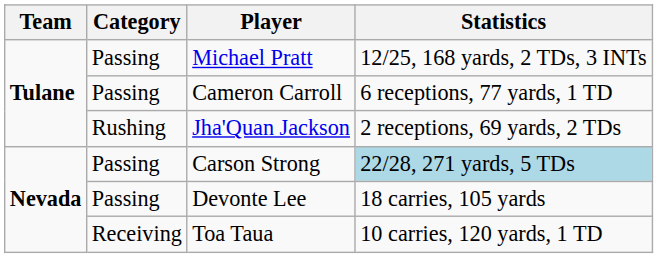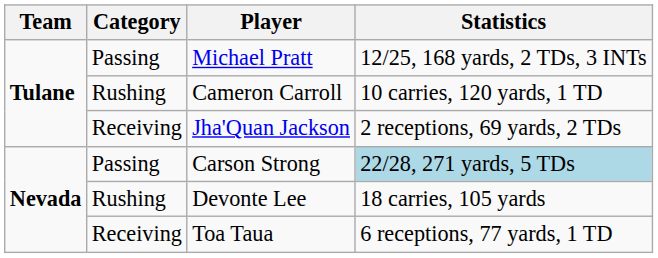 <table class="wikitable" style="float: left;">
 <tr>
 <th>Team</th>
 <th>Category</th>
 <th>Player</th>
 <th>Statistics</th>
 </tr>
 <tr>
 <td rowspan=3><strong>Tulane</strong></td>
 <td>Passing</td>
 <td><a href='#'>Michael Pratt</a></td>
 <td>12/25, 168 yards, 2 TDs, 3 INTs</td>
 </tr>
 <tr>
-<td>Passing</td>
+<td>Rushing</td>
 <td>Cameron Carroll</td>
-<td>6 receptions, 77 yards, 1 TD</td>
+<td>10 carries, 120 yards, 1 TD</td>
 </tr>
 <tr>
-<td>Rushing</td>
+<td>Receiving</td>
 <td><a href='#'>Jha'Quan Jackson</a></td>
 <td>2 receptions, 69 yards, 2 TDs</td>
 </tr>
 <tr>
 <td rowspan=3><strong>Nevada</strong></td>
 <td>Passing</td>
 <td>Carson Strong</td>
 <td style="background: lightblue;">22/28, 271 yards, 5 TDs</td>
 </tr>
 <tr>
-<td>Passing</td>
+<td>Rushing</td>
 <td>Devonte Lee</td>
 <td>18 carries, 105 yards</td>
 </tr>
 <tr>
 <td>Receiving</td>
 <td>Toa Taua</td>
-<td>10 carries, 120 yards, 1 TD</td>
+<td>6 receptions, 77 yards, 1 TD</td>
 </tr>
 </table>
